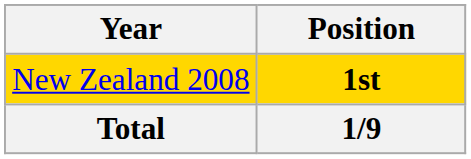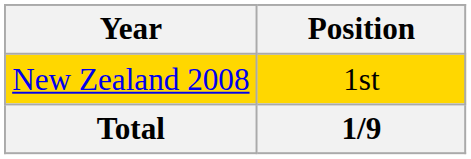 <table class="wikitable" style="text-align: center;">
 <tr>
 <th>Year</th>
 <th width="100">Position</th>
 </tr>
 <tr bgcolor=gold>
 <td><a href='#'>New Zealand 2008</a></td>
-<td><strong>1st</strong></td>
+<td>1st</td>
 </tr>
 <tr>
 <th>Total</th>
 <th>1/9</th>
 </tr>
 </table>
